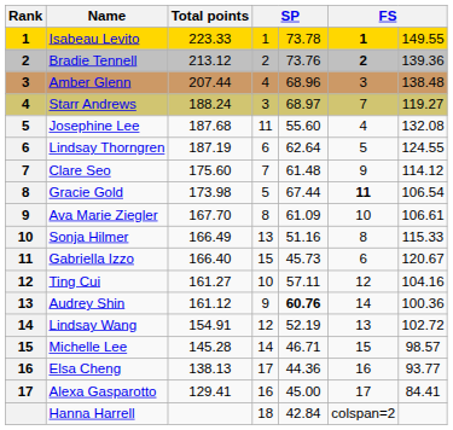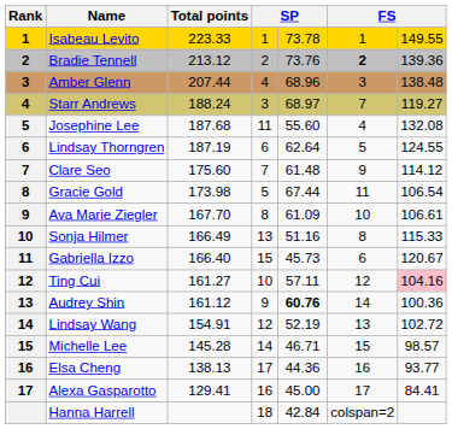 <table class="wikitable sortable">
 <tr>
 <th>Rank</th>
 <th>Name</th>
 <th>Total points</th>
 <th colspan="2" width="80px"><a href='#'>SP</a></th>
 <th colspan="2" width="80px"><a href='#'>FS</a></th>
 </tr>
 <tr bgcolor="gold">
 <td align="center"><strong>1</strong></td>
 <td><a href='#'>Isabeau Levito</a></td>
 <td align="center">223.33</td>
 <td align="center">1</td>
 <td align="center">73.78</td>
-<td align="center"><strong>1</strong></td>
+<td align="center">1</td>
 <td align="center">149.55</td>
 </tr>
 <tr bgcolor="silver">
 <td align="center"><strong>2</strong></td>
 <td><a href='#'>Bradie Tennell</a></td>
 <td align="center">213.12</td>
 <td align="center">2</td>
 <td align="center">73.76</td>
 <td align="center"><strong>2</strong></td>
 <td align="center">139.36</td>
 </tr>
 <tr bgcolor="cc9966">
 <td align="center"><strong>3</strong></td>
 <td><a href='#'>Amber Glenn</a></td>
 <td align="center">207.44</td>
 <td align="center">4</td>
 <td align="center">68.96</td>
 <td align="center">3</td>
 <td align="center">138.48</td>
 </tr>
 <tr bgcolor="#d1c571">
 <td align="center"><strong>4</strong></td>
 <td><a href='#'>Starr Andrews</a></td>
 <td align="center">188.24</td>
 <td align="center">3</td>
 <td align="center">68.97</td>
 <td align="center">7</td>
 <td align="center">119.27</td>
 </tr>
 <tr>
 <th>5</th>
 <td><a href='#'>Josephine Lee</a></td>
 <td align="center">187.68</td>
 <td align="center">11</td>
 <td align="center">55.60</td>
 <td align="center">4</td>
 <td align="center">132.08</td>
 </tr>
 <tr>
 <th>6</th>
 <td><a href='#'>Lindsay Thorngren</a></td>
 <td align="center">187.19</td>
 <td align="center">6</td>
 <td align="center">62.64</td>
 <td align="center">5</td>
 <td align="center">124.55</td>
 </tr>
 <tr>
 <th>7</th>
 <td><a href='#'>Clare Seo</a></td>
 <td align="center">175.60</td>
 <td align="center">7</td>
 <td align="center">61.48</td>
 <td align="center">9</td>
 <td align="center">114.12</td>
 </tr>
 <tr>
 <th>8</th>
 <td><a href='#'>Gracie Gold</a></td>
 <td align="center">173.98</td>
 <td align="center">5</td>
 <td align="center">67.44</td>
-<td align="center"><strong>11</strong></td>
+<td align="center">11</td>
 <td align="center">106.54</td>
 </tr>
 <tr>
 <th>9</th>
 <td><a href='#'>Ava Marie Ziegler</a></td>
 <td align="center">167.70</td>
 <td align="center">8</td>
 <td align="center">61.09</td>
 <td align="center">10</td>
 <td align="center">106.61</td>
 </tr>
 <tr>
 <th>10</th>
 <td><a href='#'>Sonja Hilmer</a></td>
 <td align="center">166.49</td>
 <td align="center">13</td>
 <td align="center">51.16</td>
 <td align="center">8</td>
 <td align="center">115.33</td>
 </tr>
 <tr>
 <th>11</th>
 <td><a href='#'>Gabriella Izzo</a></td>
 <td align="center">166.40</td>
 <td align="center">15</td>
 <td align="center">45.73</td>
 <td align="center">6</td>
 <td align="center">120.67</td>
 </tr>
 <tr>
 <th>12</th>
 <td><a href='#'>Ting Cui</a></td>
 <td align="center">161.27</td>
 <td align="center">10</td>
 <td align="center">57.11</td>
 <td align="center">12</td>
-<td align="center">104.16</td>
+<td align="center" style="background: pink;">104.16</td>
 </tr>
 <tr>
 <th>13</th>
 <td><a href='#'>Audrey Shin</a></td>
 <td align="center">161.12</td>
 <td align="center">9</td>
 <td align="center"><strong>60.76</strong></td>
 <td align="center">14</td>
 <td align="center">100.36</td>
 </tr>
 <tr>
 <th>14</th>
 <td><a href='#'>Lindsay Wang</a></td>
 <td align="center">154.91</td>
 <td align="center">12</td>
 <td align="center">52.19</td>
 <td align="center">13</td>
 <td align="center">102.72</td>
 </tr>
 <tr>
 <th>15</th>
 <td><a href='#'>Michelle Lee</a></td>
 <td align="center">145.28</td>
 <td align="center">14</td>
 <td align="center">46.71</td>
 <td align="center">15</td>
 <td align="center">98.57</td>
 </tr>
 <tr>
 <th>16</th>
 <td><a href='#'>Elsa Cheng</a></td>
 <td align="center">138.13</td>
 <td align="center">17</td>
 <td align="center">44.36</td>
 <td align="center">16</td>
 <td align="center">93.77</td>
 </tr>
 <tr>
 <th>17</th>
 <td><a href='#'>Alexa Gasparotto</a></td>
 <td align="center">129.41</td>
 <td align="center">16</td>
 <td align="center">45.00</td>
 <td align="center">17</td>
 <td align="center">84.41</td>
 </tr>
 <tr>
 <th></th>
 <td><a href='#'>Hanna Harrell</a></td>
 <td></td>
 <td align="center">18</td>
 <td align="center">42.84</td>
 <td>colspan=2 </td>
 </tr>
 </table>
